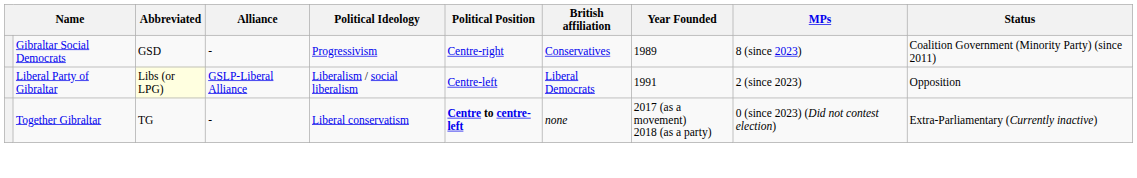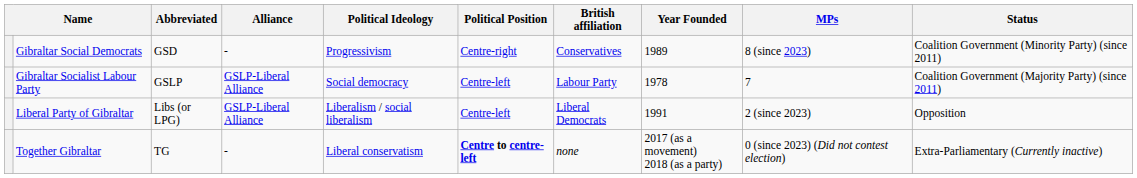 <table class="wikitable sortable">
 <tr>
 <th colspan=2>Name</th>
 <th>Abbreviated</th>
 <th>Alliance</th>
 <th>Political Ideology</th>
 <th>Political Position</th>
 <th>British affiliation</th>
 <th>Year Founded</th>
 <th><a href='#'>MPs</a></th>
 <th>Status</th>
 </tr>
 <tr>
 <th width=5px style="background-color: "></th>
 <td><a href='#'>Gibraltar Social Democrats</a></td>
 <td>GSD</td>
 <td>-</td>
 <td><a href='#'>Progressivism</a></td>
 <td><a href='#'>Centre-right</a></td>
 <td><a href='#'>Conservatives</a></td>
 <td>1989</td>
 <td>8 (since <a href='#'>2023</a>)</td>
 <td>Coalition Government (Minority Party) (since 2011)</td>
 </tr>
 <tr>
 <th style="background-color: "></th>
+<td><a href='#'>Gibraltar Socialist Labour Party</a></td>
+<td>GSLP</td>
+<td><a href='#'>GSLP-Liberal Alliance</a></td>
+<td><a href='#'>Social democracy</a></td>
+<td><a href='#'>Centre-left</a></td>
+<td><a href='#'>Labour Party</a></td>
+<td>1978</td>
+<td>7</td>
+<td>Coalition Government (Majority Party) (since <a href='#'>2011</a>)</td>
+</tr>
+<tr>
+<th style="background-color: "></th>
 <td><a href='#'>Liberal Party of Gibraltar</a></td>
-<td style="background: lightyellow;">Libs (or LPG)</td>
+<td>Libs (or LPG)</td>
 <td><a href='#'>GSLP-Liberal Alliance</a></td>
 <td><a href='#'>Liberalism</a> / <a href='#'>social liberalism</a></td>
 <td><a href='#'>Centre-left</a></td>
 <td><a href='#'>Liberal Democrats</a></td>
 <td>1991</td>
 <td>2 (since 2023)</td>
 <td>Opposition</td>
 </tr>
 <tr>
 <th style="background-color: "></th>
 <td><a href='#'>Together Gibraltar</a></td>
 <td>TG</td>
 <td>-</td>
 <td><a href='#'>Liberal&nbsp;conservatism</a></td>
 <td><strong><a href='#'>Centre</a> to <a href='#'>centre-left</a></strong></td>
 <td><em>none</em></td>
 <td>2017 (as a movement)<br>2018 (as a party)</td>
 <td>0 (since 2023) (<em>Did not contest election</em>)</td>
 <td>Extra-Parliamentary (<em>Currently inactive</em>)</td>
 </tr>
 </table>
